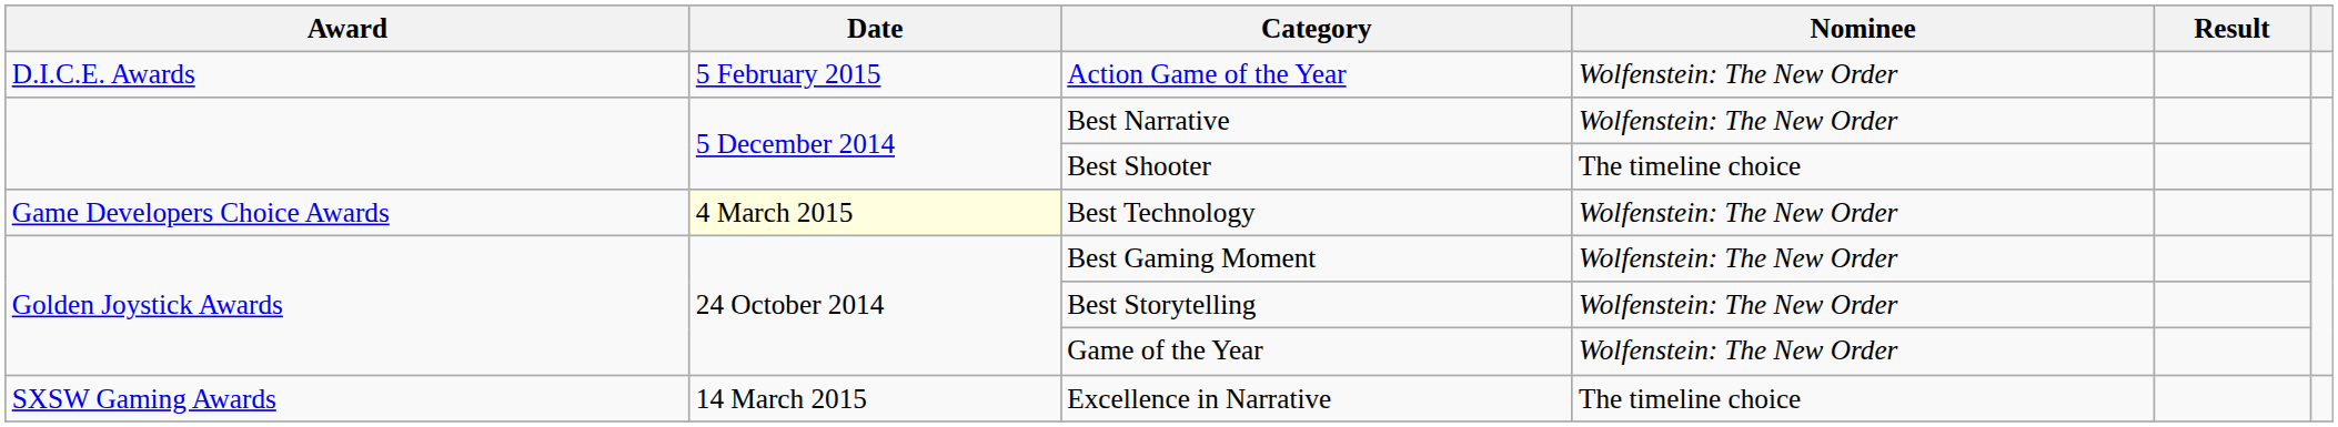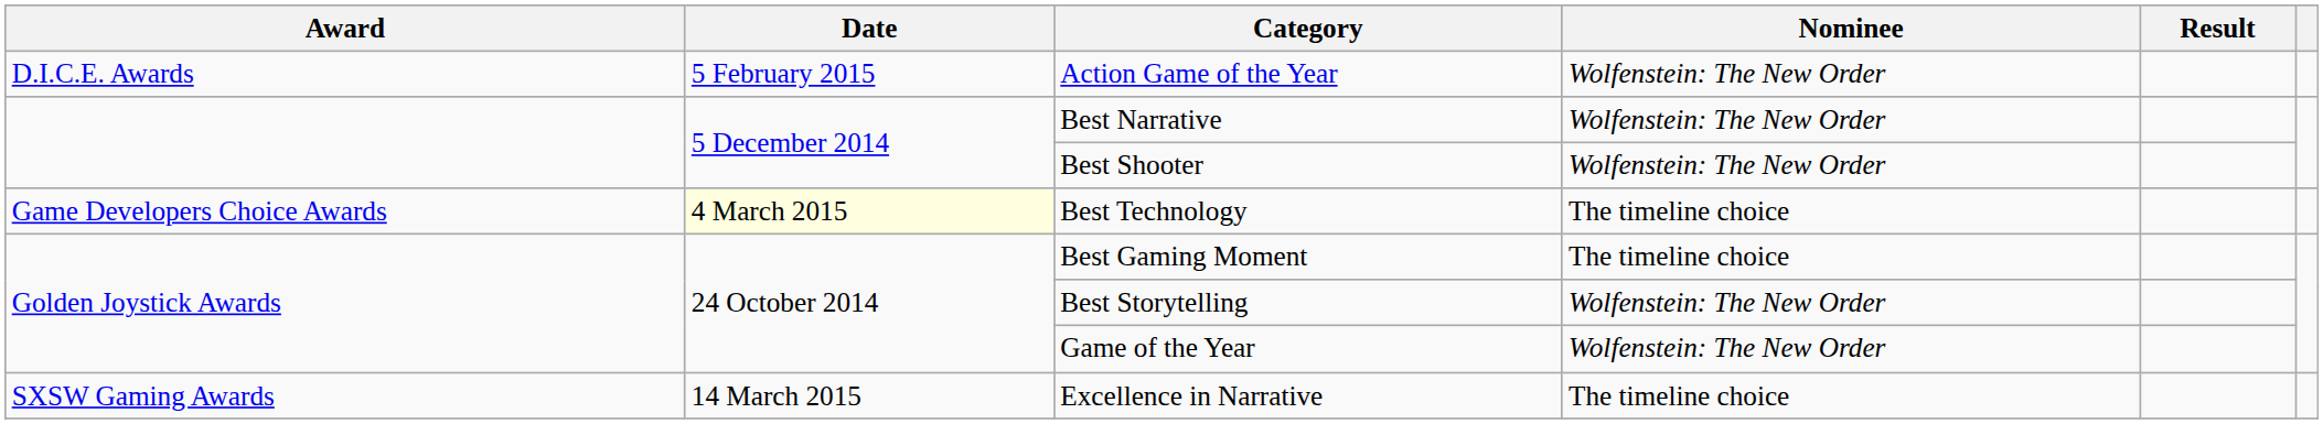 <table class="wikitable plainrowheaders sortable" style="font-size: 95%; width: 100%;">
 <tr>
 <th scope="col">Award</th>
 <th scope="col">Date</th>
 <th scope="col">Category</th>
 <th scope="col">Nominee</th>
 <th scope="col">Result</th>
 <th scope="col" class="unsortable"></th>
 </tr>
 <tr>
 <td><a href='#'>D.I.C.E. Awards</a></td>
 <td><a href='#'>5 February 2015</a></td>
 <td><a href='#'>Action Game of the Year</a></td>
 <td><em>Wolfenstein: The New Order</em></td>
 <td></td>
 <td style="text-align:center;"></td>
 </tr>
 <tr>
 <td rowspan="2"></td>
 <td rowspan="2"><a href='#'>5 December 2014</a></td>
 <td>Best Narrative</td>
 <td><em>Wolfenstein: The New Order</em></td>
 <td></td>
 <td style="text-align:center;" rowspan="2"></td>
 </tr>
 <tr>
 <td>Best Shooter</td>
-<td>The timeline choice</td>
+<td><em>Wolfenstein: The New Order</em></td>
 <td></td>
 </tr>
 <tr>
 <td><a href='#'>Game Developers Choice Awards</a></td>
 <td style="background: lightyellow;">4 March 2015</td>
 <td>Best Technology</td>
-<td><em>Wolfenstein: The New Order</em></td>
+<td>The timeline choice</td>
 <td></td>
 <td style="text-align:center;"></td>
 </tr>
 <tr>
 <td rowspan="3"><a href='#'>Golden Joystick Awards</a></td>
 <td rowspan="3">24 October 2014</td>
 <td>Best Gaming Moment</td>
-<td><em>Wolfenstein: The New Order</em></td>
+<td>The timeline choice</td>
 <td></td>
 <td style="text-align:center;" rowspan="3"></td>
 </tr>
 <tr>
 <td>Best Storytelling</td>
 <td><em>Wolfenstein: The New Order</em></td>
 <td></td>
 </tr>
 <tr>
 <td>Game of the Year</td>
 <td><em>Wolfenstein: The New Order</em></td>
 <td></td>
 </tr>
 <tr>
 <td><a href='#'>SXSW Gaming Awards</a></td>
 <td>14 March 2015</td>
 <td>Excellence in Narrative</td>
 <td>The timeline choice</td>
 <td></td>
 <td style="text-align:center;"></td>
 </tr>
 </table>
